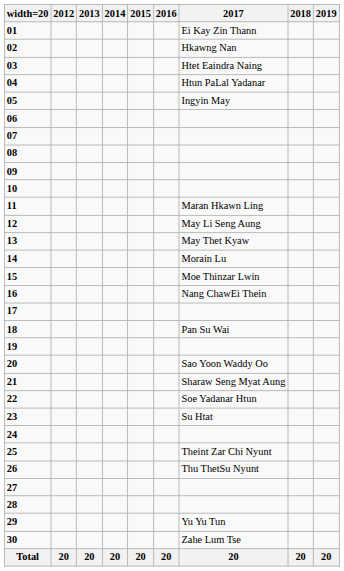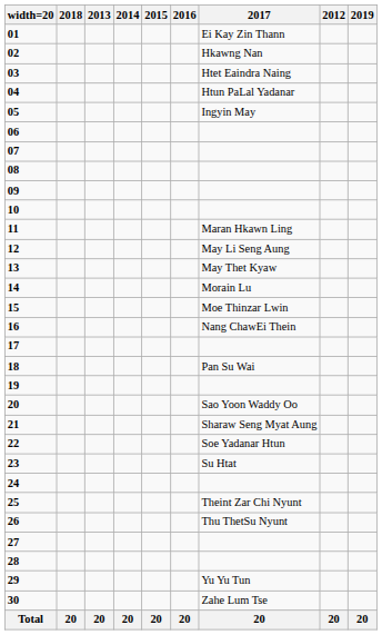 <table class="wikitable" style="font-size: 82%";>
 <tr>
 <th>width=20 </th>
-<th>2012</th>
+<th>2018</th>
 <th>2013</th>
 <th>2014</th>
 <th>2015</th>
 <th>2016</th>
 <th>2017</th>
-<th>2018</th>
+<th>2012</th>
 <th>2019</th>
 </tr>
 <tr>
 <td><strong>01</strong></td>
 <td></td>
 <td></td>
 <td></td>
 <td></td>
 <td></td>
 <td>Ei Kay Zin Thann</td>
 <td></td>
 <td></td>
 </tr>
 <tr>
 <td><strong>02</strong></td>
 <td></td>
 <td></td>
 <td></td>
 <td></td>
 <td></td>
 <td>Hkawng Nan</td>
 <td></td>
 <td></td>
 </tr>
 <tr>
 <td><strong>03</strong></td>
 <td></td>
 <td></td>
 <td></td>
 <td></td>
 <td></td>
 <td>Htet Eaindra Naing</td>
 <td></td>
 <td></td>
 </tr>
 <tr>
 <td><strong>04</strong></td>
 <td></td>
 <td></td>
 <td></td>
 <td></td>
 <td></td>
 <td>Htun PaLal Yadanar</td>
 <td></td>
 <td></td>
 </tr>
 <tr>
 <td><strong>05</strong></td>
 <td></td>
 <td></td>
 <td></td>
 <td></td>
 <td></td>
 <td>Ingyin May</td>
 <td></td>
 <td></td>
 </tr>
 <tr>
 <td><strong>06</strong></td>
 <td></td>
 <td></td>
 <td></td>
 <td></td>
 <td></td>
 <td></td>
 <td></td>
 <td></td>
 </tr>
 <tr>
 <td><strong>07</strong></td>
 <td></td>
 <td></td>
 <td></td>
 <td></td>
 <td></td>
 <td></td>
 <td></td>
 <td></td>
 </tr>
 <tr>
 <td><strong>08</strong></td>
 <td></td>
 <td></td>
 <td></td>
 <td></td>
 <td></td>
 <td></td>
 <td></td>
 <td></td>
 </tr>
 <tr>
 <td><strong>09</strong></td>
 <td></td>
 <td></td>
 <td></td>
 <td></td>
 <td></td>
 <td></td>
 <td></td>
 <td></td>
 </tr>
 <tr>
 <td><strong>10</strong></td>
 <td></td>
 <td></td>
 <td></td>
 <td></td>
 <td></td>
 <td></td>
 <td></td>
 <td></td>
 </tr>
 <tr>
 <td><strong>11</strong></td>
 <td></td>
 <td></td>
 <td></td>
 <td></td>
 <td></td>
 <td>Maran Hkawn Ling</td>
 <td></td>
 <td></td>
 </tr>
 <tr>
 <td><strong>12</strong></td>
 <td></td>
 <td></td>
 <td></td>
 <td></td>
 <td></td>
 <td>May Li Seng Aung</td>
 <td></td>
 <td></td>
 </tr>
 <tr>
 <td><strong>13</strong></td>
 <td></td>
 <td></td>
 <td></td>
 <td></td>
 <td></td>
 <td>May Thet Kyaw</td>
 <td></td>
 <td></td>
 </tr>
 <tr>
 <td><strong>14</strong></td>
 <td></td>
 <td></td>
 <td></td>
 <td></td>
 <td></td>
 <td>Morain Lu</td>
 <td></td>
 <td></td>
 </tr>
 <tr>
 <td><strong>15</strong></td>
 <td></td>
 <td></td>
 <td></td>
 <td></td>
 <td></td>
 <td>Moe Thinzar Lwin</td>
 <td></td>
 <td></td>
 </tr>
 <tr>
 <td><strong>16</strong></td>
 <td></td>
 <td></td>
 <td></td>
 <td></td>
 <td></td>
 <td>Nang ChawEi Thein</td>
 <td></td>
 <td></td>
 </tr>
 <tr>
 <td><strong>17</strong></td>
 <td></td>
 <td></td>
 <td></td>
 <td></td>
 <td></td>
 <td></td>
 <td></td>
 <td></td>
 </tr>
 <tr>
 <td><strong>18</strong></td>
 <td></td>
 <td></td>
 <td></td>
 <td></td>
 <td></td>
 <td>Pan Su Wai</td>
 <td></td>
 <td></td>
 </tr>
 <tr>
 <td><strong>19</strong></td>
 <td></td>
 <td></td>
 <td></td>
 <td></td>
 <td></td>
 <td></td>
 <td></td>
 <td></td>
 </tr>
 <tr>
 <td><strong>20</strong></td>
 <td></td>
 <td></td>
 <td></td>
 <td></td>
 <td></td>
 <td>Sao Yoon Waddy Oo</td>
 <td></td>
 <td></td>
 </tr>
 <tr>
 <td><strong>21</strong></td>
 <td></td>
 <td></td>
 <td></td>
 <td></td>
 <td></td>
 <td>Sharaw Seng Myat Aung</td>
 <td></td>
 <td></td>
 </tr>
 <tr>
 <td><strong>22</strong></td>
 <td></td>
 <td></td>
 <td></td>
 <td></td>
 <td></td>
 <td>Soe Yadanar Htun</td>
 <td></td>
 <td></td>
 </tr>
 <tr>
 <td><strong>23</strong></td>
 <td></td>
 <td></td>
 <td></td>
 <td></td>
 <td></td>
 <td>Su Htat</td>
 <td></td>
 <td></td>
 </tr>
 <tr>
 <td><strong>24</strong></td>
 <td></td>
 <td></td>
 <td></td>
 <td></td>
 <td></td>
 <td></td>
 <td></td>
 <td></td>
 </tr>
 <tr>
 <td><strong>25</strong></td>
 <td></td>
 <td></td>
 <td></td>
 <td></td>
 <td></td>
 <td>Theint Zar Chi Nyunt</td>
 <td></td>
 <td></td>
 </tr>
 <tr>
 <td><strong>26</strong></td>
 <td></td>
 <td></td>
 <td></td>
 <td></td>
 <td></td>
 <td>Thu ThetSu Nyunt</td>
 <td></td>
 <td></td>
 </tr>
 <tr>
 <td><strong>27</strong></td>
 <td></td>
 <td></td>
 <td></td>
 <td></td>
 <td></td>
 <td></td>
 <td></td>
 <td></td>
 </tr>
 <tr>
 <td><strong>28</strong></td>
 <td></td>
 <td></td>
 <td></td>
 <td></td>
 <td></td>
 <td></td>
 <td></td>
 <td></td>
 </tr>
 <tr>
 <td><strong>29</strong></td>
 <td></td>
 <td></td>
 <td></td>
 <td></td>
 <td></td>
 <td>Yu Yu Tun</td>
 <td></td>
 <td></td>
 </tr>
 <tr>
 <td><strong>30</strong></td>
 <td></td>
 <td></td>
 <td></td>
 <td></td>
 <td></td>
 <td>Zahe Lum Tse</td>
 <td></td>
 <td></td>
 </tr>
 <tr>
 <th>Total</th>
 <th>20</th>
 <th>20</th>
 <th>20</th>
 <th>20</th>
 <th>20</th>
 <th>20</th>
 <th>20</th>
 <th>20</th>
 </tr>
 </table>
